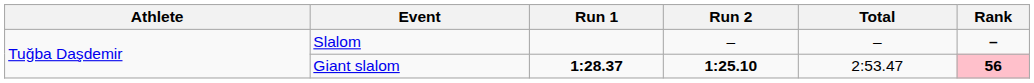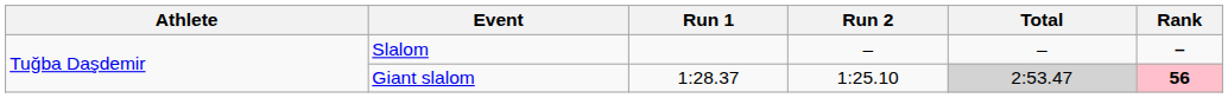 <table class="wikitable" width="60%" style="text-align:center; font-size:90%">
 <tr>
 <th width="25%">Athlete</th>
 <th width="18%">Event</th>
 <th width="11%">Run 1</th>
 <th width="11%">Run 2</th>
 <th width="13%">Total</th>
 <th width="6%">Rank</th>
 </tr>
 <tr>
 <td rowspan=2 align="left"><a href='#'>Tuğba Daşdemir</a></td>
 <td align="left"><a href='#'>Slalom</a></td>
 <td></td>
 <td>–</td>
 <td>–</td>
 <td><strong>–</strong></td>
 </tr>
 <tr>
 <td align="left"><a href='#'>Giant slalom</a></td>
-<td><strong>1:28.37</strong></td>
-<td><strong>1:25.10</strong></td>
-<td>2:53.47</td>
+<td>1:28.37</td>
+<td>1:25.10</td>
+<td style="background: lightgrey;">2:53.47</td>
 <td style="background: pink;"><strong>56</strong></td>
 </tr>
 </table>
